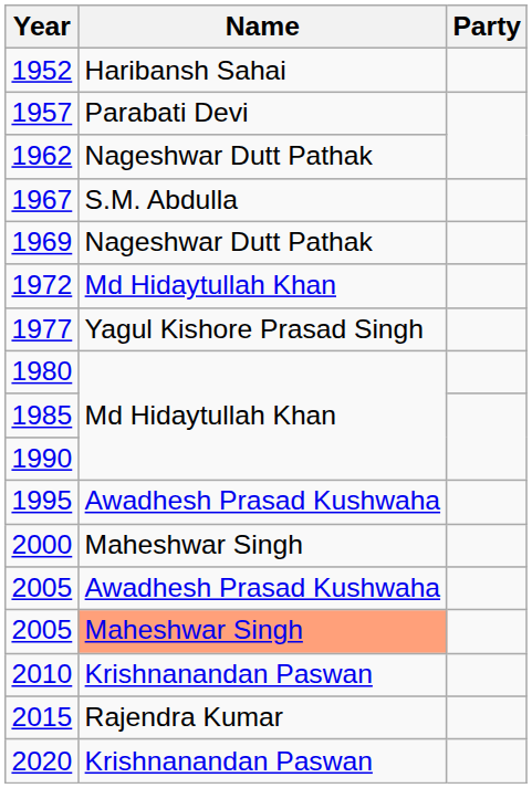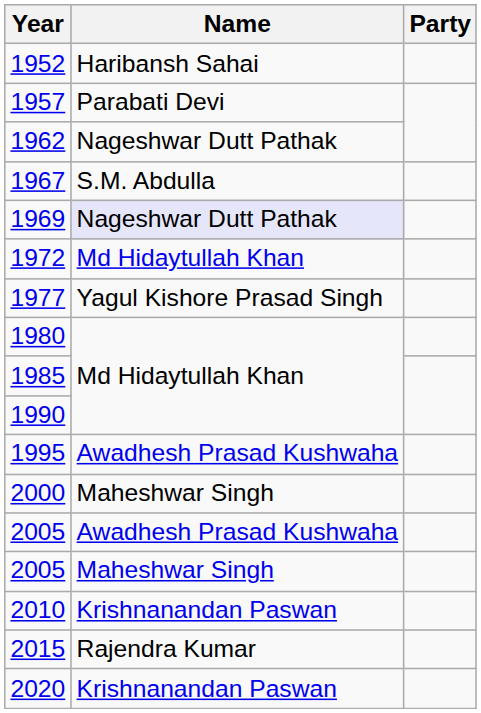 <table class="wikitable sortable">
 <tr>
 <th>Year</th>
 <th>Name</th>
 <th colspan="2">Party</th>
 </tr>
 <tr>
 <td><a href='#'>1952</a></td>
 <td>Haribansh Sahai</td>
 <td></td>
 </tr>
 <tr>
 <td><a href='#'>1957</a></td>
 <td>Parabati Devi</td>
 </tr>
 <tr>
 <td><a href='#'>1962</a></td>
 <td>Nageshwar Dutt Pathak</td>
 </tr>
 <tr>
 <td><a href='#'>1967</a></td>
 <td>S.M. Abdulla</td>
 <td></td>
 </tr>
 <tr>
 <td><a href='#'>1969</a></td>
-<td>Nageshwar Dutt Pathak</td>
+<td style="background: lavender;">Nageshwar Dutt Pathak</td>
 <td></td>
 </tr>
 <tr>
 <td><a href='#'>1972</a></td>
 <td><a href='#'>Md Hidaytullah Khan</a></td>
 <td></td>
 </tr>
 <tr>
 <td><a href='#'>1977</a></td>
 <td>Yagul Kishore Prasad Singh</td>
 <td></td>
 </tr>
 <tr>
 <td><a href='#'>1980</a></td>
 <td rowspan="3">Md Hidaytullah Khan</td>
 <td></td>
 </tr>
 <tr>
 <td><a href='#'>1985</a></td>
 </tr>
 <tr>
 <td><a href='#'>1990</a></td>
 </tr>
 <tr>
 <td><a href='#'>1995</a></td>
 <td><a href='#'>Awadhesh Prasad Kushwaha</a></td>
 <td></td>
 </tr>
 <tr>
 <td><a href='#'>2000</a></td>
 <td>Maheshwar Singh</td>
 <td></td>
 </tr>
 <tr>
 <td><a href='#'>2005</a></td>
 <td><a href='#'>Awadhesh Prasad Kushwaha</a></td>
 <td></td>
 </tr>
 <tr>
 <td><a href='#'>2005</a></td>
-<td style="background: lightsalmon;"><a href='#'>Maheshwar Singh</a></td>
+<td><a href='#'>Maheshwar Singh</a></td>
 </tr>
 <tr>
 <td><a href='#'>2010</a></td>
 <td><a href='#'>Krishnanandan Paswan</a></td>
 <td></td>
 </tr>
 <tr>
 <td><a href='#'>2015</a></td>
 <td>Rajendra Kumar</td>
 <td></td>
 </tr>
 <tr>
 <td><a href='#'>2020</a></td>
 <td><a href='#'>Krishnanandan Paswan</a></td>
 <td></td>
 </tr>
 </table>
